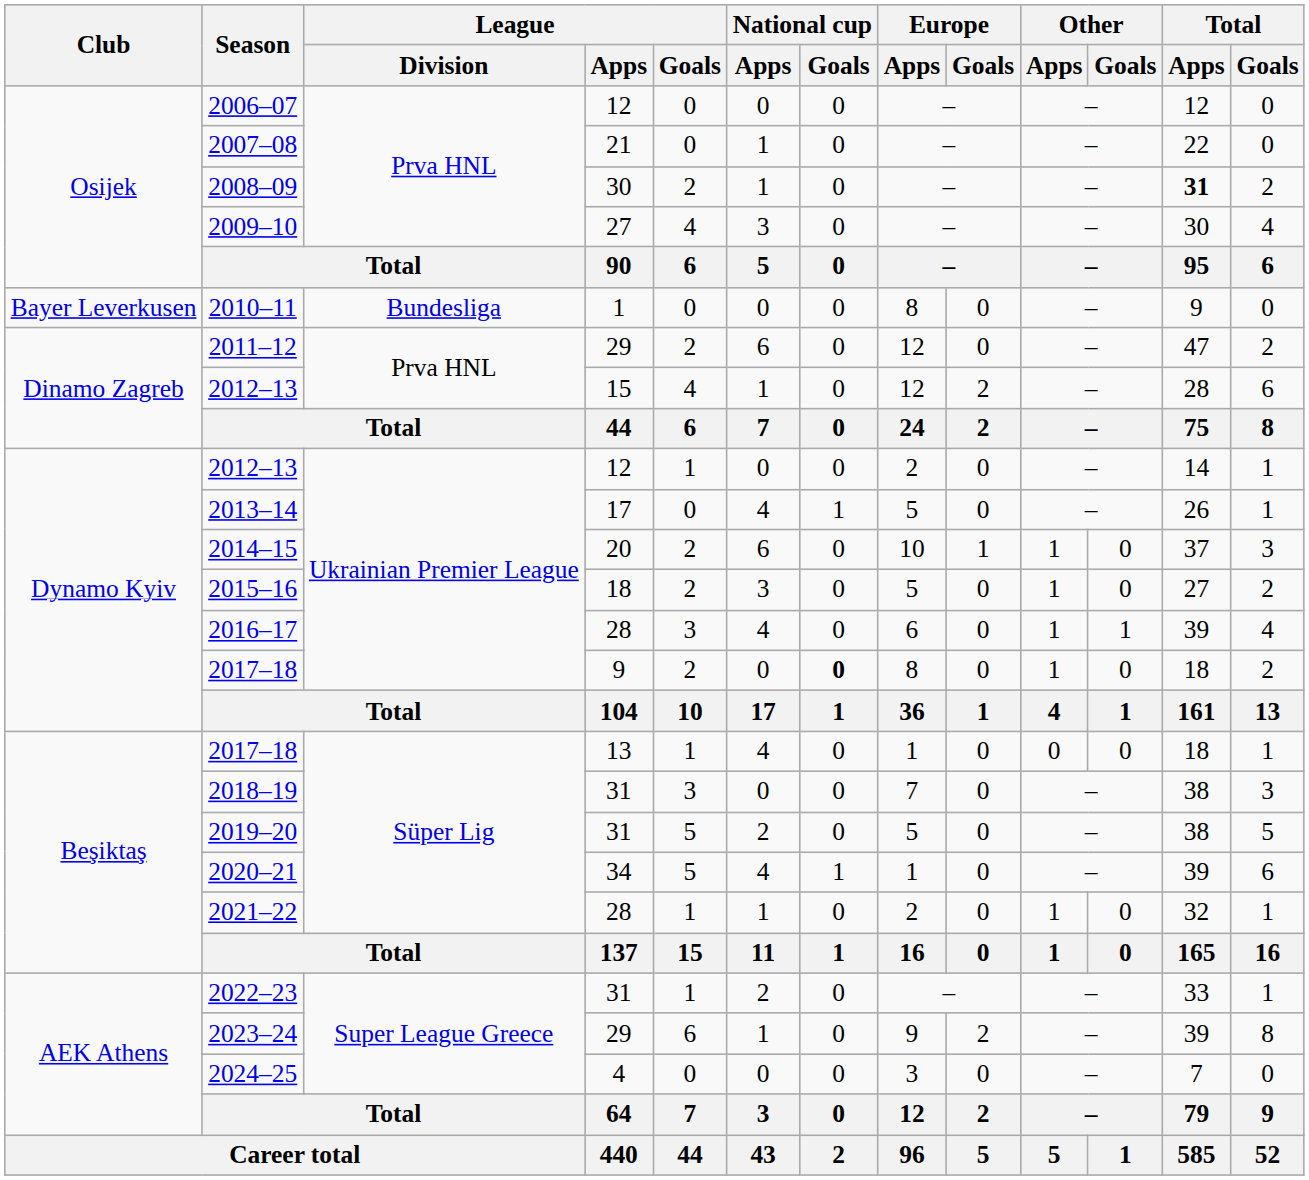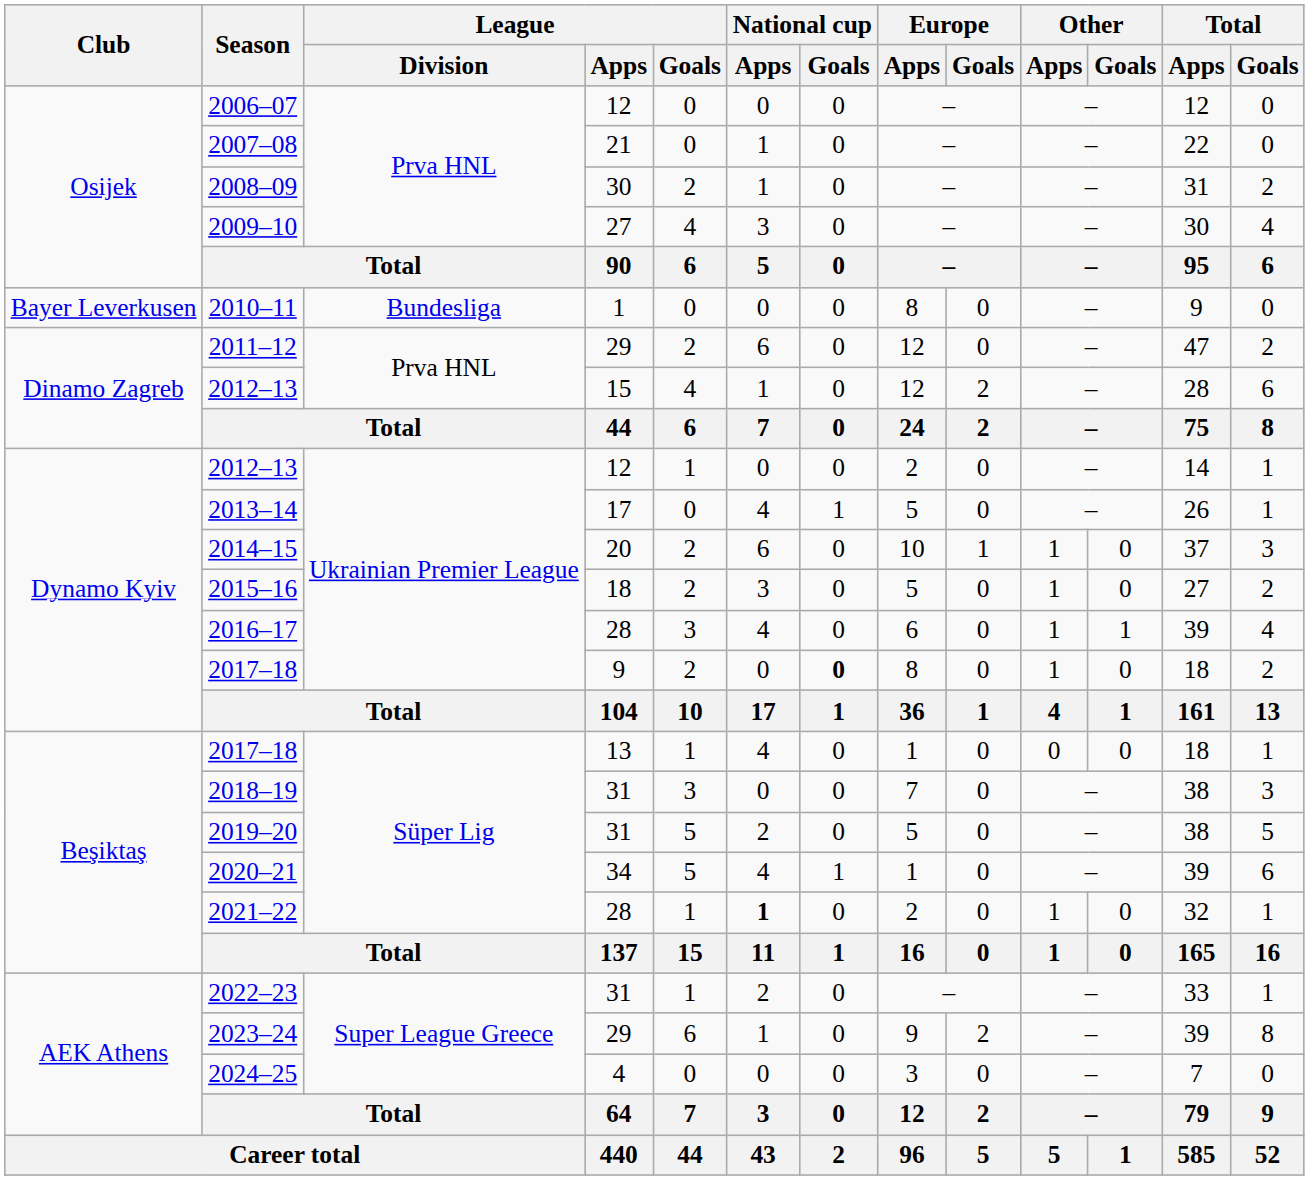 <table class="wikitable" style="text-align:center">
 <tr>
 <th rowspan=2>Club</th>
 <th rowspan=2>Season</th>
 <th colspan=3>League</th>
 <th colspan=2>National cup</th>
 <th colspan=2>Europe</th>
 <th colspan=2>Other</th>
 <th colspan=2>Total</th>
 </tr>
 <tr>
 <th>Division</th>
 <th>Apps</th>
 <th>Goals</th>
 <th>Apps</th>
 <th>Goals</th>
 <th>Apps</th>
 <th>Goals</th>
 <th>Apps</th>
 <th>Goals</th>
 <th>Apps</th>
 <th>Goals</th>
 </tr>
 <tr>
 <td rowspan=5><a href='#'>Osijek</a></td>
 <td><a href='#'>2006–07</a></td>
 <td rowspan=4><a href='#'>Prva HNL</a></td>
 <td>12</td>
 <td>0</td>
 <td>0</td>
 <td>0</td>
 <td colspan=2>–</td>
 <td colspan=2>–</td>
 <td>12</td>
 <td>0</td>
 </tr>
 <tr>
 <td><a href='#'>2007–08</a></td>
 <td>21</td>
 <td>0</td>
 <td>1</td>
 <td>0</td>
 <td colspan=2>–</td>
 <td colspan=2>–</td>
 <td>22</td>
 <td>0</td>
 </tr>
 <tr>
 <td><a href='#'>2008–09</a></td>
 <td>30</td>
 <td>2</td>
 <td>1</td>
 <td>0</td>
 <td colspan=2>–</td>
 <td colspan=2>–</td>
-<td><strong>31</strong></td>
+<td>31</td>
 <td>2</td>
 </tr>
 <tr>
 <td><a href='#'>2009–10</a></td>
 <td>27</td>
 <td>4</td>
 <td>3</td>
 <td>0</td>
 <td colspan=2>–</td>
 <td colspan=2>–</td>
 <td>30</td>
 <td>4</td>
 </tr>
 <tr>
 <th colspan=2>Total</th>
 <th>90</th>
 <th>6</th>
 <th>5</th>
 <th>0</th>
 <th colspan=2>–</th>
 <th colspan=2>–</th>
 <th>95</th>
 <th>6</th>
 </tr>
 <tr>
 <td><a href='#'>Bayer Leverkusen</a></td>
 <td><a href='#'>2010–11</a></td>
 <td><a href='#'>Bundesliga</a></td>
 <td>1</td>
 <td>0</td>
 <td>0</td>
 <td>0</td>
 <td>8</td>
 <td>0</td>
 <td colspan=2>–</td>
 <td>9</td>
 <td>0</td>
 </tr>
 <tr>
 <td rowspan=3><a href='#'>Dinamo Zagreb</a></td>
 <td><a href='#'>2011–12</a></td>
 <td rowspan=2>Prva HNL</td>
 <td>29</td>
 <td>2</td>
 <td>6</td>
 <td>0</td>
 <td>12</td>
 <td>0</td>
 <td colspan=2>–</td>
 <td>47</td>
 <td>2</td>
 </tr>
 <tr>
 <td><a href='#'>2012–13</a></td>
 <td>15</td>
 <td>4</td>
 <td>1</td>
 <td>0</td>
 <td>12</td>
 <td>2</td>
 <td colspan=2>–</td>
 <td>28</td>
 <td>6</td>
 </tr>
 <tr>
 <th colspan=2>Total</th>
 <th>44</th>
 <th>6</th>
 <th>7</th>
 <th>0</th>
 <th>24</th>
 <th>2</th>
 <th colspan=2>–</th>
 <th>75</th>
 <th>8</th>
 </tr>
 <tr>
 <td rowspan=7><a href='#'>Dynamo Kyiv</a></td>
 <td><a href='#'>2012–13</a></td>
 <td rowspan=6><a href='#'>Ukrainian Premier League</a></td>
 <td>12</td>
 <td>1</td>
 <td>0</td>
 <td>0</td>
 <td>2</td>
 <td>0</td>
 <td colspan=2>–</td>
 <td>14</td>
 <td>1</td>
 </tr>
 <tr>
 <td><a href='#'>2013–14</a></td>
 <td>17</td>
 <td>0</td>
 <td>4</td>
 <td>1</td>
 <td>5</td>
 <td>0</td>
 <td colspan=2>–</td>
 <td>26</td>
 <td>1</td>
 </tr>
 <tr>
 <td><a href='#'>2014–15</a></td>
 <td>20</td>
 <td>2</td>
 <td>6</td>
 <td>0</td>
 <td>10</td>
 <td>1</td>
 <td>1</td>
 <td>0</td>
 <td>37</td>
 <td>3</td>
 </tr>
 <tr>
 <td><a href='#'>2015–16</a></td>
 <td>18</td>
 <td>2</td>
 <td>3</td>
 <td>0</td>
 <td>5</td>
 <td>0</td>
 <td>1</td>
 <td>0</td>
 <td>27</td>
 <td>2</td>
 </tr>
 <tr>
 <td><a href='#'>2016–17</a></td>
 <td>28</td>
 <td>3</td>
 <td>4</td>
 <td>0</td>
 <td>6</td>
 <td>0</td>
 <td>1</td>
 <td>1</td>
 <td>39</td>
 <td>4</td>
 </tr>
 <tr>
 <td><a href='#'>2017–18</a></td>
 <td>9</td>
 <td>2</td>
 <td>0</td>
 <td><strong>0</strong></td>
 <td>8</td>
 <td>0</td>
 <td>1</td>
 <td>0</td>
 <td>18</td>
 <td>2</td>
 </tr>
 <tr>
 <th colspan=2>Total</th>
 <th>104</th>
 <th>10</th>
 <th>17</th>
 <th>1</th>
 <th>36</th>
 <th>1</th>
 <th>4</th>
 <th>1</th>
 <th>161</th>
 <th>13</th>
 </tr>
 <tr>
 <td rowspan=6><a href='#'>Beşiktaş</a></td>
 <td><a href='#'>2017–18</a></td>
 <td rowspan=5><a href='#'>Süper Lig</a></td>
 <td>13</td>
 <td>1</td>
 <td>4</td>
 <td>0</td>
 <td>1</td>
 <td>0</td>
 <td>0</td>
 <td>0</td>
 <td>18</td>
 <td>1</td>
 </tr>
 <tr>
 <td><a href='#'>2018–19</a></td>
 <td>31</td>
 <td>3</td>
 <td>0</td>
 <td>0</td>
 <td>7</td>
 <td>0</td>
 <td colspan=2>–</td>
 <td>38</td>
 <td>3</td>
 </tr>
 <tr>
 <td><a href='#'>2019–20</a></td>
 <td>31</td>
 <td>5</td>
 <td>2</td>
 <td>0</td>
 <td>5</td>
 <td>0</td>
 <td colspan=2>–</td>
 <td>38</td>
 <td>5</td>
 </tr>
 <tr>
 <td><a href='#'>2020–21</a></td>
 <td>34</td>
 <td>5</td>
 <td>4</td>
 <td>1</td>
 <td>1</td>
 <td>0</td>
 <td colspan=2>–</td>
 <td>39</td>
 <td>6</td>
 </tr>
 <tr>
 <td><a href='#'>2021–22</a></td>
 <td>28</td>
 <td>1</td>
-<td>1</td>
+<td><strong>1</strong></td>
 <td>0</td>
 <td>2</td>
 <td>0</td>
 <td>1</td>
 <td>0</td>
 <td>32</td>
 <td>1</td>
 </tr>
 <tr>
 <th colspan=2>Total</th>
 <th>137</th>
 <th>15</th>
 <th>11</th>
 <th>1</th>
 <th>16</th>
 <th>0</th>
 <th>1</th>
 <th>0</th>
 <th>165</th>
 <th>16</th>
 </tr>
 <tr>
 <td rowspan=4><a href='#'>AEK Athens</a></td>
 <td><a href='#'>2022–23</a></td>
 <td rowspan=3><a href='#'>Super League Greece</a></td>
 <td>31</td>
 <td>1</td>
 <td>2</td>
 <td>0</td>
 <td colspan=2>–</td>
 <td colspan=2>–</td>
 <td>33</td>
 <td>1</td>
 </tr>
 <tr>
 <td><a href='#'>2023–24</a></td>
 <td>29</td>
 <td>6</td>
 <td>1</td>
 <td>0</td>
 <td>9</td>
 <td>2</td>
 <td colspan=2>–</td>
 <td>39</td>
 <td>8</td>
 </tr>
 <tr>
 <td><a href='#'>2024–25</a></td>
 <td>4</td>
 <td>0</td>
 <td>0</td>
 <td>0</td>
 <td>3</td>
 <td>0</td>
 <td colspan=2>–</td>
 <td>7</td>
 <td>0</td>
 </tr>
 <tr>
 <th colspan=2>Total</th>
 <th>64</th>
 <th>7</th>
 <th>3</th>
 <th>0</th>
 <th>12</th>
 <th>2</th>
 <th colspan=2>–</th>
 <th>79</th>
 <th>9</th>
 </tr>
 <tr>
 <th colspan=3>Career total</th>
 <th>440</th>
 <th>44</th>
 <th>43</th>
 <th>2</th>
 <th>96</th>
 <th>5</th>
 <th>5</th>
 <th>1</th>
 <th>585</th>
 <th>52</th>
 </tr>
 </table>
